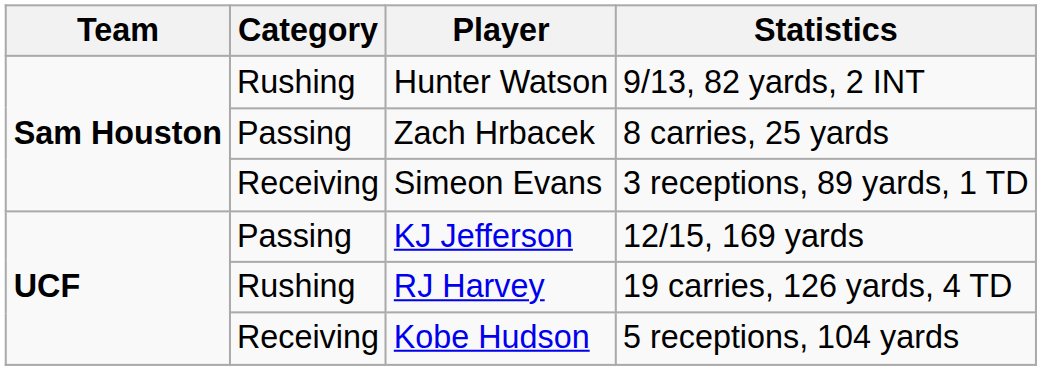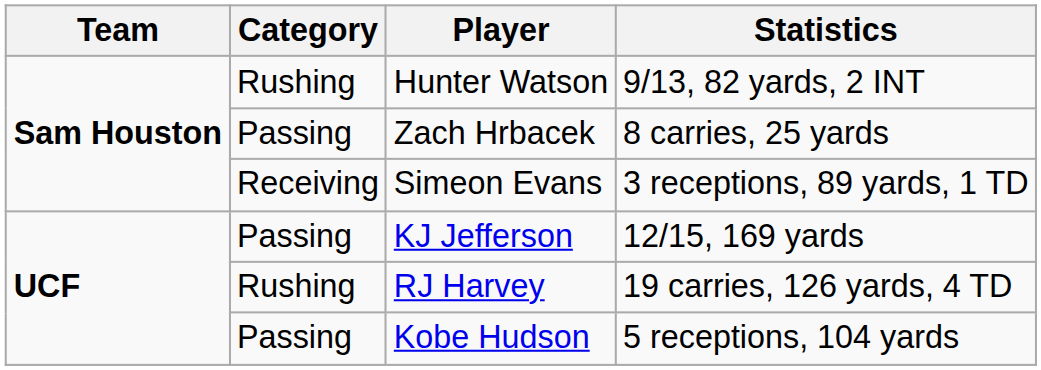 <table class="wikitable" style="float: right;">
 <tr>
 <th>Team</th>
 <th>Category</th>
 <th>Player</th>
 <th>Statistics</th>
 </tr>
 <tr>
 <td rowspan=3><strong>Sam Houston</strong></td>
 <td>Rushing</td>
 <td>Hunter Watson</td>
 <td>9/13, 82 yards, 2 INT</td>
 </tr>
 <tr>
 <td>Passing</td>
 <td>Zach Hrbacek</td>
 <td>8 carries, 25 yards</td>
 </tr>
 <tr>
 <td>Receiving</td>
 <td>Simeon Evans</td>
 <td>3 receptions, 89 yards, 1 TD</td>
 </tr>
 <tr>
 <td rowspan=3><strong>UCF</strong></td>
 <td>Passing</td>
 <td><a href='#'>KJ Jefferson</a></td>
 <td>12/15, 169 yards</td>
 </tr>
 <tr>
 <td>Rushing</td>
 <td><a href='#'>RJ Harvey</a></td>
 <td>19 carries, 126 yards, 4 TD</td>
 </tr>
 <tr>
-<td>Receiving</td>
+<td>Passing</td>
 <td><a href='#'>Kobe Hudson</a></td>
 <td>5 receptions, 104 yards</td>
 </tr>
 </table>
